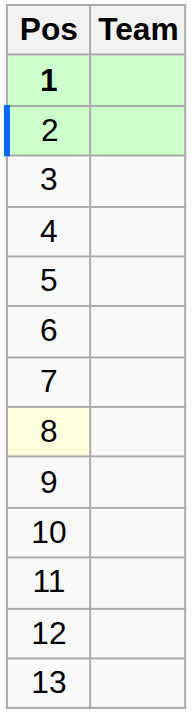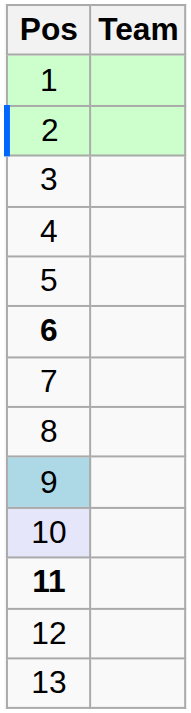 <table class="wikitable" style="text-align:center;">
 <tr>
 <th width=35>Pos</th>
 <th>Team</th>
 </tr>
 <tr bgcolor=ccffcc>
-<td><strong>1</strong></td>
+<td>1</td>
 <td align=left></td>
 </tr>
 <tr bgcolor=ccffcc>
 <td style="border-left:3px solid #06f;">2</td>
 <td align=left></td>
 </tr>
 <tr>
 <td>3</td>
 <td align=left></td>
 </tr>
 <tr>
 <td>4</td>
 <td align=left></td>
 </tr>
 <tr>
 <td>5</td>
 <td align=left></td>
 </tr>
 <tr>
-<td>6</td>
+<td><strong>6</strong></td>
 <td align=left></td>
 </tr>
 <tr>
 <td>7</td>
 <td align=left></td>
 </tr>
 <tr>
-<td style="background: lightyellow;">8</td>
+<td>8</td>
 <td align=left></td>
 </tr>
 <tr>
-<td>9</td>
+<td style="background: lightblue;">9</td>
 <td align=left></td>
 </tr>
 <tr>
-<td>10</td>
+<td style="background: lavender;">10</td>
 <td align=left></td>
 </tr>
 <tr>
-<td>11</td>
+<td><strong>11</strong></td>
 <td align=left></td>
 </tr>
 <tr>
 <td>12</td>
 <td align=left></td>
 </tr>
 <tr>
 <td>13</td>
 <td align=left></td>
 </tr>
 </table>
